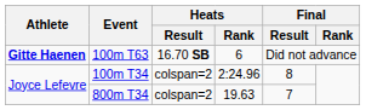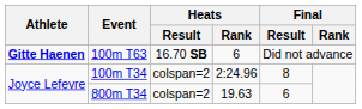 <table class=wikitable style="font-size:90%">
 <tr>
 <th rowspan="2">Athlete</th>
 <th rowspan="2">Event</th>
 <th colspan="2">Heats</th>
 <th colspan="2">Final</th>
 </tr>
 <tr>
 <th>Result</th>
 <th>Rank</th>
 <th>Result</th>
 <th>Rank</th>
 </tr>
 <tr align=center>
 <td align=left><strong><a href='#'>Gitte Haenen</a></strong></td>
 <td align=left><a href='#'>100m T63</a></td>
 <td>16.70 <strong>SB</strong></td>
 <td>6</td>
 <td colspan=2>Did not advance</td>
 </tr>
 <tr align=center>
 <td align=left rowspan=2><a href='#'>Joyce Lefevre</a></td>
 <td align=left><a href='#'>100m T34</a></td>
 <td>colspan=2 </td>
 <td>2:24.96</td>
 <td>8</td>
 </tr>
 <tr align=center>
 <td align=left><a href='#'>800m T34</a></td>
 <td>colspan=2 </td>
 <td>19.63</td>
-<td>7</td>
+<td>6</td>
 </tr>
 </table>
